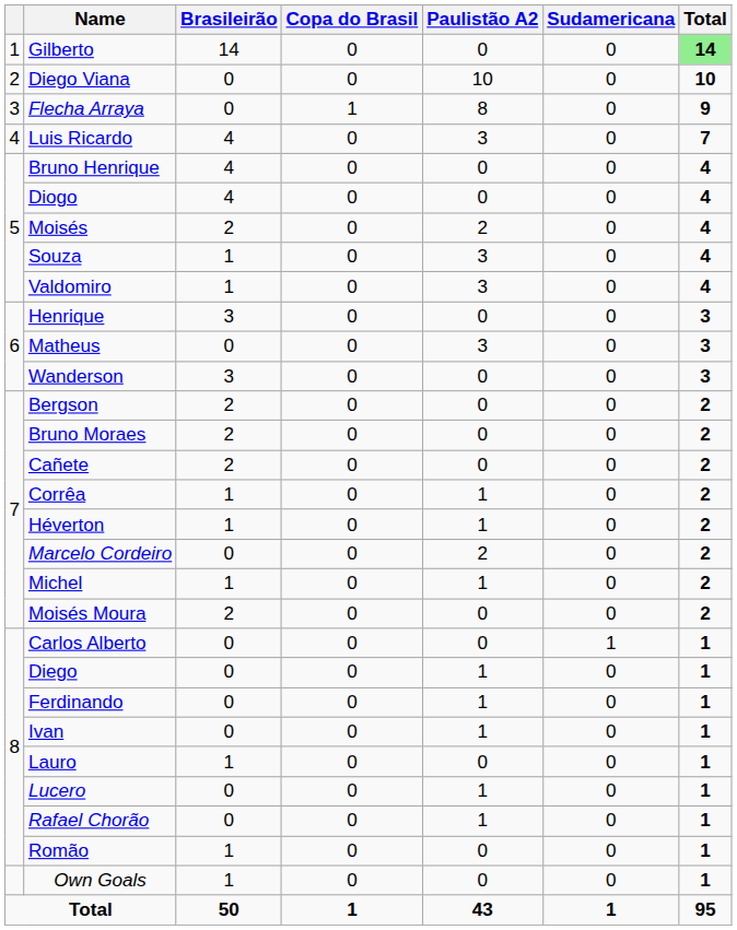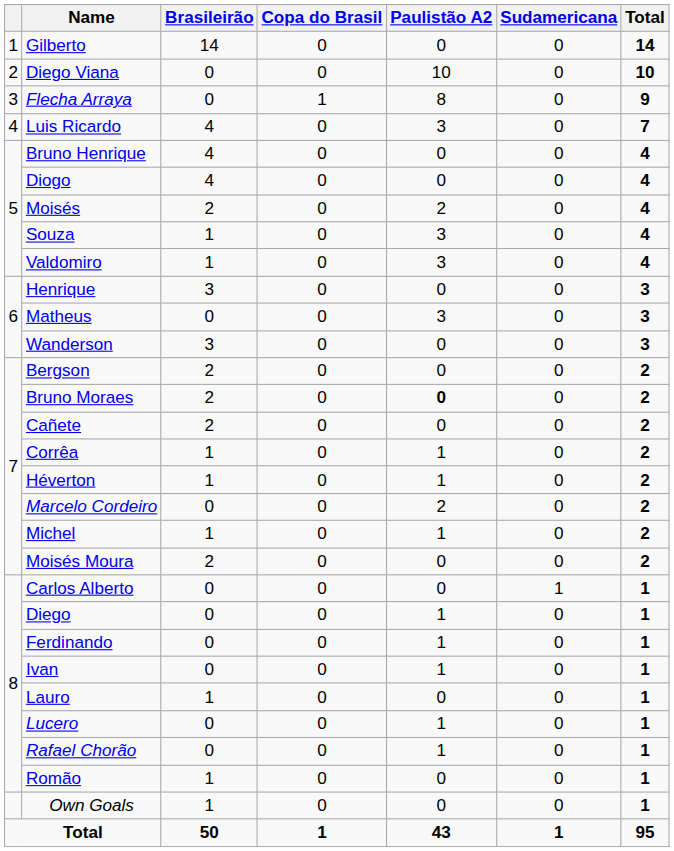 <table class="wikitable" style="text-align:center;">
 <tr>
 <th></th>
 <th>Name</th>
 <th><a href='#'>Brasileirão</a></th>
 <th><a href='#'>Copa do Brasil</a></th>
 <th><a href='#'>Paulistão A2</a></th>
 <th><a href='#'>Sudamericana</a></th>
 <th>Total</th>
 </tr>
 <tr>
 <td rowspan=>1</td>
 <td align=left> <a href='#'>Gilberto</a></td>
 <td>14</td>
 <td>0</td>
 <td>0</td>
 <td>0</td>
-<td style="background: lightgreen;"><strong>14</strong></td>
+<td><strong>14</strong></td>
 </tr>
 <tr>
 <td rowspan=>2</td>
 <td align=left> <a href='#'>Diego Viana</a></td>
 <td>0</td>
 <td>0</td>
 <td>10</td>
 <td>0</td>
 <td><strong>10</strong></td>
 </tr>
 <tr>
 <td rowspan=>3</td>
 <td align=left> <em><a href='#'>Flecha Arraya</a></em></td>
 <td>0</td>
 <td>1</td>
 <td>8</td>
 <td>0</td>
 <td><strong>9</strong></td>
 </tr>
 <tr>
 <td rowspan=>4</td>
 <td align=left> <a href='#'>Luis Ricardo</a></td>
 <td>4</td>
 <td>0</td>
 <td>3</td>
 <td>0</td>
 <td><strong>7</strong></td>
 </tr>
 <tr>
 <td rowspan=5>5</td>
 <td align=left> <a href='#'>Bruno Henrique</a></td>
 <td>4</td>
 <td>0</td>
 <td>0</td>
 <td>0</td>
 <td><strong>4</strong></td>
 </tr>
 <tr>
 <td align=left> <a href='#'>Diogo</a></td>
 <td>4</td>
 <td>0</td>
 <td>0</td>
 <td>0</td>
 <td><strong>4</strong></td>
 </tr>
 <tr>
 <td align=left> <a href='#'>Moisés</a></td>
 <td>2</td>
 <td>0</td>
 <td>2</td>
 <td>0</td>
 <td><strong>4</strong></td>
 </tr>
 <tr>
 <td align=left> <a href='#'>Souza</a></td>
 <td>1</td>
 <td>0</td>
 <td>3</td>
 <td>0</td>
 <td><strong>4</strong></td>
 </tr>
 <tr>
 <td align=left> <a href='#'>Valdomiro</a></td>
 <td>1</td>
 <td>0</td>
 <td>3</td>
 <td>0</td>
 <td><strong>4</strong></td>
 </tr>
 <tr>
 <td rowspan=3>6</td>
 <td align=left> <a href='#'>Henrique</a></td>
 <td>3</td>
 <td>0</td>
 <td>0</td>
 <td>0</td>
 <td><strong>3</strong></td>
 </tr>
 <tr>
 <td align=left> <a href='#'>Matheus</a></td>
 <td>0</td>
 <td>0</td>
 <td>3</td>
 <td>0</td>
 <td><strong>3</strong></td>
 </tr>
 <tr>
 <td align=left> <a href='#'>Wanderson</a></td>
 <td>3</td>
 <td>0</td>
 <td>0</td>
 <td>0</td>
 <td><strong>3</strong></td>
 </tr>
 <tr>
 <td rowspan=8>7</td>
 <td align=left> <a href='#'>Bergson</a></td>
 <td>2</td>
 <td>0</td>
 <td>0</td>
 <td>0</td>
 <td><strong>2</strong></td>
 </tr>
 <tr>
 <td align=left> <a href='#'>Bruno Moraes</a></td>
 <td>2</td>
 <td>0</td>
-<td>0</td>
+<td><strong>0</strong></td>
 <td>0</td>
 <td><strong>2</strong></td>
 </tr>
 <tr>
 <td align=left> <a href='#'>Cañete</a></td>
 <td>2</td>
 <td>0</td>
 <td>0</td>
 <td>0</td>
 <td><strong>2</strong></td>
 </tr>
 <tr>
 <td align=left> <a href='#'>Corrêa</a></td>
 <td>1</td>
 <td>0</td>
 <td>1</td>
 <td>0</td>
 <td><strong>2</strong></td>
 </tr>
 <tr>
 <td align=left> <a href='#'>Héverton</a></td>
 <td>1</td>
 <td>0</td>
 <td>1</td>
 <td>0</td>
 <td><strong>2</strong></td>
 </tr>
 <tr>
 <td align=left> <em><a href='#'>Marcelo Cordeiro</a></em></td>
 <td>0</td>
 <td>0</td>
 <td>2</td>
 <td>0</td>
 <td><strong>2</strong></td>
 </tr>
 <tr>
 <td align=left> <a href='#'>Michel</a></td>
 <td>1</td>
 <td>0</td>
 <td>1</td>
 <td>0</td>
 <td><strong>2</strong></td>
 </tr>
 <tr>
 <td align=left> <a href='#'>Moisés Moura</a></td>
 <td>2</td>
 <td>0</td>
 <td>0</td>
 <td>0</td>
 <td><strong>2</strong></td>
 </tr>
 <tr>
 <td rowspan=8>8</td>
 <td align=left> <a href='#'>Carlos Alberto</a></td>
 <td>0</td>
 <td>0</td>
 <td>0</td>
 <td>1</td>
 <td><strong>1</strong></td>
 </tr>
 <tr>
 <td align=left> <a href='#'>Diego</a></td>
 <td>0</td>
 <td>0</td>
 <td>1</td>
 <td>0</td>
 <td><strong>1</strong></td>
 </tr>
 <tr>
 <td align=left> <a href='#'>Ferdinando</a></td>
 <td>0</td>
 <td>0</td>
 <td>1</td>
 <td>0</td>
 <td><strong>1</strong></td>
 </tr>
 <tr>
 <td align=left> <a href='#'>Ivan</a></td>
 <td>0</td>
 <td>0</td>
 <td>1</td>
 <td>0</td>
 <td><strong>1</strong></td>
 </tr>
 <tr>
 <td align=left> <a href='#'>Lauro</a></td>
 <td>1</td>
 <td>0</td>
 <td>0</td>
 <td>0</td>
 <td><strong>1</strong></td>
 </tr>
 <tr>
 <td align=left> <em><a href='#'>Lucero</a></em></td>
 <td>0</td>
 <td>0</td>
 <td>1</td>
 <td>0</td>
 <td><strong>1</strong></td>
 </tr>
 <tr>
 <td align=left> <em><a href='#'>Rafael Chorão</a></em></td>
 <td>0</td>
 <td>0</td>
 <td>1</td>
 <td>0</td>
 <td><strong>1</strong></td>
 </tr>
 <tr>
 <td align=left> <a href='#'>Romão</a></td>
 <td>1</td>
 <td>0</td>
 <td>0</td>
 <td>0</td>
 <td><strong>1</strong></td>
 </tr>
 <tr>
 <td rowspan=></td>
 <td align=center><em>Own Goals</em></td>
 <td>1</td>
 <td>0</td>
 <td>0</td>
 <td>0</td>
 <td><strong>1</strong></td>
 </tr>
 <tr>
 <td align=center colspan=2><strong>Total</strong></td>
 <td><strong>50</strong></td>
 <td><strong>1</strong></td>
 <td><strong>43</strong></td>
 <td><strong>1</strong></td>
 <td><strong>95</strong></td>
 </tr>
 </table>
